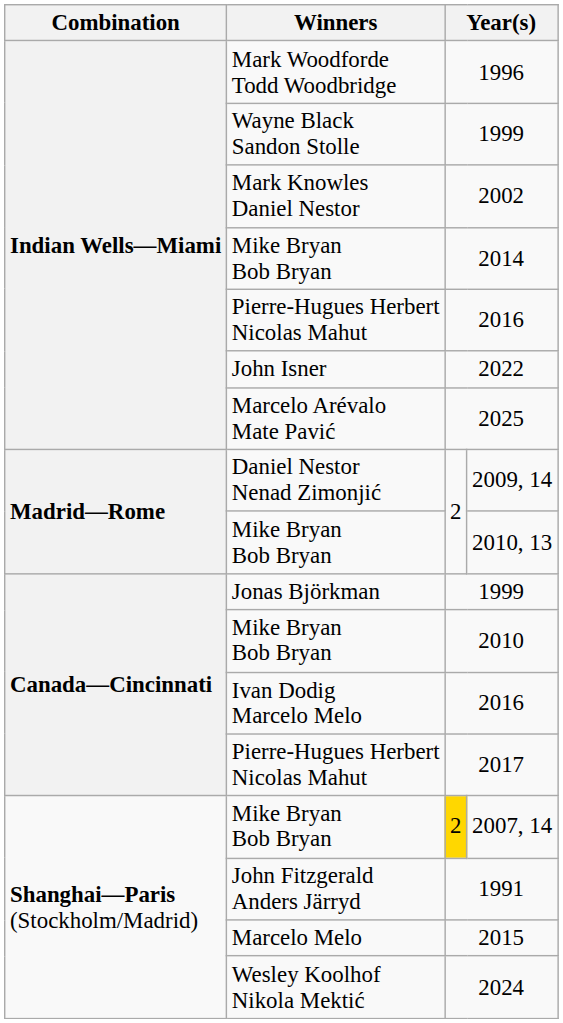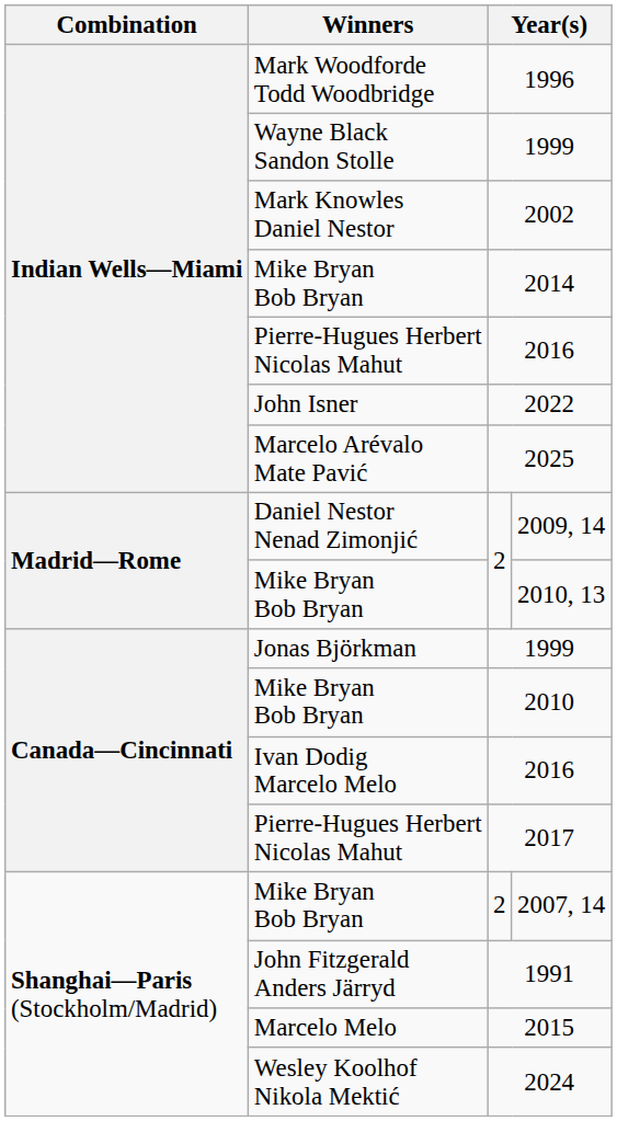 <table class="wikitable">
 <tr>
 <th scope="col">Combination</th>
 <th scope="col">Winners</th>
 <th scope="col" colspan="2">Year(s)</th>
 </tr>
 <tr>
 <th scope="row" rowspan="7" style="text-align:left">Indian Wells—Miami<br></th>
 <td> Mark Woodforde <br>  Todd Woodbridge</td>
 <td colspan="2" style="text-align: center;">1996</td>
 </tr>
 <tr>
 <td> Wayne Black <br>  Sandon Stolle</td>
 <td colspan="2" style="text-align: center;">1999</td>
 </tr>
 <tr>
 <td> Mark Knowles <br>  Daniel Nestor</td>
 <td colspan="2" style="text-align: center;">2002</td>
 </tr>
 <tr>
 <td> Mike Bryan <br>  Bob Bryan</td>
 <td colspan="2" style="text-align: center;">2014</td>
 </tr>
 <tr>
 <td> Pierre-Hugues Herbert <br>  Nicolas Mahut</td>
 <td colspan="2" style="text-align: center;">2016</td>
 </tr>
 <tr>
 <td> John Isner</td>
 <td colspan="2" style="text-align: center;">2022</td>
 </tr>
 <tr>
 <td> Marcelo Arévalo <br>  Mate Pavić</td>
 <td colspan="2" style="text-align: center;">2025</td>
 </tr>
 <tr>
 <th scope="row" rowspan="2" style="text-align:left">Madrid—Rome<br></th>
 <td> Daniel Nestor <br>  Nenad Zimonjić</td>
 <td rowspan=2>2</td>
 <td style="text-align: center;">2009, 14</td>
 </tr>
 <tr>
 <td> Mike Bryan <br>  Bob Bryan</td>
 <td>2010, 13</td>
 </tr>
 <tr>
 <th scope="row" rowspan="4" style="text-align:left">Canada—Cincinnati<br></th>
 <td> Jonas Björkman</td>
 <td colspan="2" style="text-align: center;">1999</td>
 </tr>
 <tr>
 <td> Mike Bryan <br>  Bob Bryan</td>
 <td colspan="2" style="text-align: center;">2010</td>
 </tr>
 <tr>
 <td> Ivan Dodig <br>  Marcelo Melo</td>
 <td colspan="2" style="text-align: center;">2016</td>
 </tr>
 <tr>
 <td> Pierre-Hugues Herbert <br>  Nicolas Mahut</td>
 <td colspan="2" style="text-align: center;">2017</td>
 </tr>
 <tr>
 <td rowspan="4" style="text-align: left; background: No.eaecf0;"><strong>Shanghai—Paris</strong><br>(Stockholm/Madrid)<br></td>
 <td> Mike Bryan <br>  Bob Bryan</td>
-<td style="background: gold;">2</td>
+<td>2</td>
 <td style="text-align: center;">2007, 14</td>
 </tr>
 <tr>
 <td> John Fitzgerald <br>  Anders Järryd</td>
 <td colspan="2" style="text-align: center;">1991</td>
 </tr>
 <tr>
 <td> Marcelo Melo</td>
 <td colspan="2" style="text-align: center;">2015</td>
 </tr>
 <tr>
 <td> Wesley Koolhof <br>  Nikola Mektić</td>
 <td colspan="2" style="text-align: center;">2024</td>
 </tr>
 </table>
